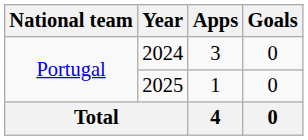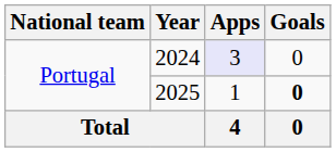 <table class="wikitable" style="text-align:center">
 <tr>
 <th>National team</th>
 <th>Year</th>
 <th>Apps</th>
 <th>Goals</th>
 </tr>
 <tr>
 <td rowspan="2"><a href='#'>Portugal</a></td>
 <td>2024</td>
-<td>3</td>
+<td style="background: lavender;">3</td>
 <td>0</td>
 </tr>
 <tr>
 <td>2025</td>
 <td>1</td>
-<td>0</td>
+<td><strong>0</strong></td>
 </tr>
 <tr>
 <th colspan="2">Total</th>
 <th>4</th>
 <th>0</th>
 </tr>
 </table>
